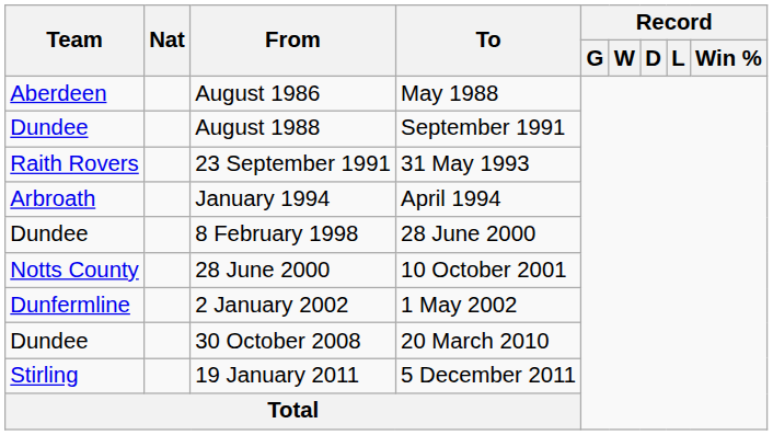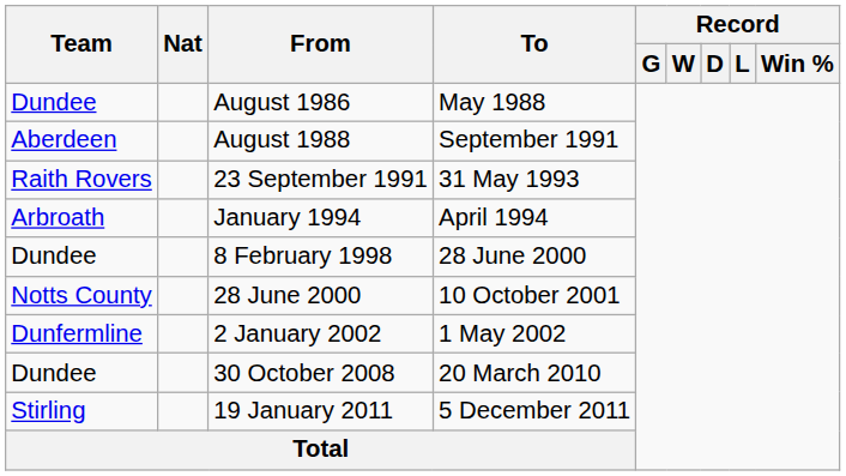 <table class="wikitable" style="text-align: center">
 <tr>
 <th rowspan=2>Team</th>
 <th rowspan=2>Nat</th>
 <th rowspan=2>From</th>
 <th rowspan=2>To</th>
 <th colspan=5>Record</th>
 </tr>
 <tr>
 <th>G</th>
 <th>W</th>
 <th>D</th>
 <th>L</th>
 <th>Win %</th>
 </tr>
 <tr>
-<td align=left><a href='#'>Aberdeen</a></td>
+<td align=left><a href='#'>Dundee</a></td>
 <td></td>
 <td align=left>August 1986</td>
 <td align=left>May 1988<br></td>
 </tr>
 <tr>
-<td align=left><a href='#'>Dundee</a></td>
+<td align=left><a href='#'>Aberdeen</a></td>
 <td></td>
 <td align=left>August 1988</td>
 <td align=left>September 1991<br></td>
 </tr>
 <tr>
 <td align=left><a href='#'>Raith Rovers</a></td>
 <td></td>
 <td align=left>23 September 1991</td>
 <td align=left>31 May 1993<br></td>
 </tr>
 <tr>
 <td align=left><a href='#'>Arbroath</a></td>
 <td></td>
 <td align=left>January 1994</td>
 <td align=left>April 1994<br></td>
 </tr>
 <tr>
 <td align=left>Dundee</td>
 <td></td>
 <td align=left>8 February 1998</td>
 <td align=left>28 June 2000<br></td>
 </tr>
 <tr>
 <td align=left><a href='#'>Notts County</a></td>
 <td></td>
 <td align=left>28 June 2000</td>
 <td align=left>10 October 2001<br></td>
 </tr>
 <tr>
 <td align=left><a href='#'>Dunfermline</a></td>
 <td></td>
 <td align=left>2 January 2002</td>
 <td align=left>1 May 2002<br></td>
 </tr>
 <tr>
 <td align=left>Dundee</td>
 <td></td>
 <td align=left>30 October 2008</td>
 <td align=left>20 March 2010<br></td>
 </tr>
 <tr>
 <td align=left><a href='#'>Stirling</a></td>
 <td></td>
 <td align=left>19 January 2011</td>
 <td align=left>5 December 2011<br></td>
 </tr>
 <tr>
 <th colspan=4>Total<br></th>
 </tr>
 </table>
